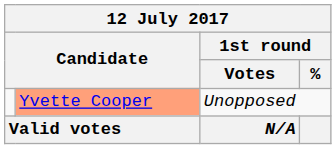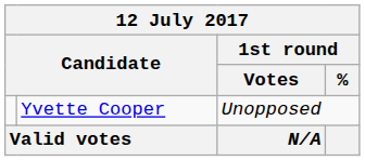 <table class="wikitable" style="min-width:250px">
 <tr>
 <th colspan="4">12 July 2017</th>
 </tr>
 <tr>
 <th colspan="2" rowspan="2">Candidate</th>
 <th colspan="2">1st round</th>
 </tr>
 <tr>
 <th>Votes</th>
 <th>%</th>
 </tr>
 <tr>
 <td style="color:inherit;background-color: "></td>
-<td style="background: lightsalmon;"><a href='#'>Yvette Cooper</a></td>
+<td><a href='#'>Yvette Cooper</a></td>
 <td colspan="2"><em>Unopposed</em></td>
 </tr>
 <tr>
 <th colspan="2" style="text-align:left;"><strong>Valid votes</strong></th>
 <th style="text-align:right;"><em>N/A</em></th>
 <th></th>
 </tr>
 </table>
